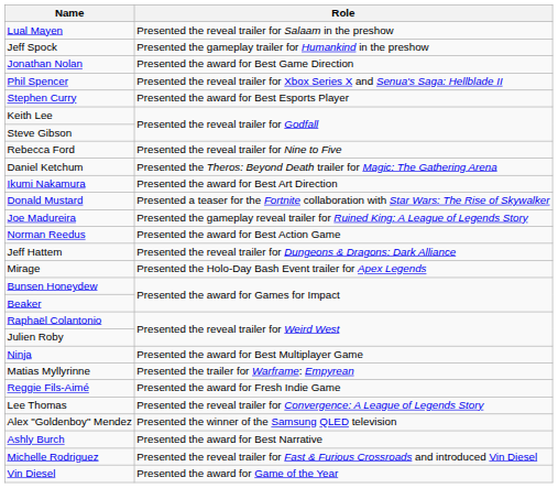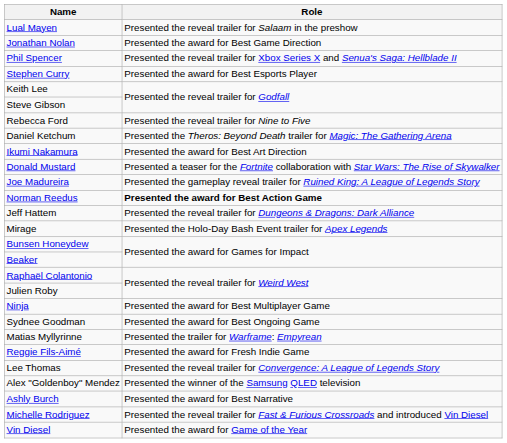 <table class="wikitable sortable">
 <tr>
 <th>Name</th>
 <th class="unsortable">Role</th>
 </tr>
 <tr>
 <td data-sort-value="Mayan, Lual"><a href='#'>Lual Mayen</a></td>
 <td>Presented the reveal trailer for <em>Salaam</em> in the preshow</td>
-</tr>
-<tr>
-<td data-sort-value="Spock, Jeff">Jeff Spock</td>
-<td>Presented the gameplay trailer for <em><a href='#'>Humankind</a></em> in the preshow</td>
 </tr>
 <tr>
 <td data-sort-value="Nolan, Jonathan"><a href='#'>Jonathan Nolan</a></td>
 <td>Presented the award for Best Game Direction</td>
 </tr>
 <tr>
 <td data-sort-value="Spencer, Phil"><a href='#'>Phil Spencer</a></td>
 <td>Presented the reveal trailer for <a href='#'>Xbox Series X</a> and <em><a href='#'>Senua's Saga: Hellblade II</a></em></td>
 </tr>
 <tr>
 <td data-sort-value="Curry, Stephen"><a href='#'>Stephen Curry</a></td>
 <td>Presented the award for Best Esports Player</td>
 </tr>
 <tr>
 <td data-sort-value="Lee, Keith">Keith Lee</td>
 <td rowspan="2">Presented the reveal trailer for <em><a href='#'>Godfall</a></em></td>
 </tr>
 <tr>
 <td data-sort-value="Gibson, Steve">Steve Gibson</td>
 </tr>
 <tr>
 <td data-sort-value="Ford, Rebecca">Rebecca Ford</td>
 <td>Presented the reveal trailer for <em>Nine to Five</em></td>
 </tr>
 <tr>
 <td data-sort-value="Ketchum, Daniel">Daniel Ketchum</td>
 <td>Presented the <em>Theros: Beyond Death</em> trailer for <em><a href='#'>Magic: The Gathering Arena</a></em></td>
 </tr>
 <tr>
 <td data-sort-value="Nakamura, Ikumi"><a href='#'>Ikumi Nakamura</a></td>
 <td>Presented the award for Best Art Direction</td>
 </tr>
 <tr>
 <td data-sort-value="Mustard, Donald"><a href='#'>Donald Mustard</a></td>
 <td>Presented a teaser for the <em><a href='#'>Fortnite</a></em> collaboration with <em><a href='#'>Star Wars: The Rise of Skywalker</a></em></td>
 </tr>
 <tr>
 <td data-sort-value="Madureira, Joe"><a href='#'>Joe Madureira</a></td>
 <td>Presented the gameplay reveal trailer for <em><a href='#'>Ruined King: A League of Legends Story</a></em></td>
 </tr>
 <tr>
 <td data-sort-value="Reedus, Norman"><a href='#'>Norman Reedus</a></td>
-<td>Presented the award for Best Action Game</td>
+<td><strong>Presented the award for Best Action Game</strong></td>
 </tr>
 <tr>
 <td data-sort-value="Hattem, Jeff">Jeff Hattem</td>
 <td>Presented the reveal trailer for <em><a href='#'>Dungeons & Dragons: Dark Alliance</a></em></td>
 </tr>
 <tr>
 <td>Mirage</td>
 <td>Presented the Holo-Day Bash Event trailer for <em><a href='#'>Apex Legends</a></em></td>
 </tr>
 <tr>
 <td><a href='#'>Bunsen Honeydew</a></td>
 <td rowspan="2">Presented the award for Games for Impact</td>
 </tr>
 <tr>
 <td><a href='#'>Beaker</a></td>
 </tr>
 <tr>
 <td data-sort-value="Colantonio, Raphaël"><a href='#'>Raphaël Colantonio</a></td>
 <td rowspan="2">Presented the reveal trailer for <em><a href='#'>Weird West</a></em></td>
 </tr>
 <tr>
 <td data-sort-value="Roby, Julien">Julien Roby</td>
 </tr>
 <tr>
 <td><a href='#'>Ninja</a></td>
 <td>Presented the award for Best Multiplayer Game</td>
+</tr>
+<tr>
+<td data-sort-value="Goodman, Sydnee">Sydnee Goodman</td>
+<td>Presented the award for Best Ongoing Game</td>
 </tr>
 <tr>
 <td data-sort-value="Myllyrinne, Matias">Matias Myllyrinne</td>
 <td>Presented the trailer for <em><a href='#'>Warframe</a></em>: <em><a href='#'>Empyrean</a></em></td>
 </tr>
 <tr>
 <td data-sort-value="Fils-Aimé, Reggie"><a href='#'>Reggie Fils-Aimé</a></td>
 <td>Presented the award for Fresh Indie Game</td>
 </tr>
 <tr>
 <td data-sort-value="Thomas, Lee">Lee Thomas</td>
 <td>Presented the reveal trailer for <em><a href='#'>Convergence: A League of Legends Story</a></em></td>
 </tr>
 <tr>
 <td data-sort-value="Mendez, Alex">Alex "Goldenboy" Mendez</td>
 <td>Presented the winner of the <a href='#'>Samsung</a> <a href='#'>QLED</a> television</td>
 </tr>
 <tr>
 <td data-sort-value="Burch, Ashly"><a href='#'>Ashly Burch</a></td>
 <td>Presented the award for Best Narrative</td>
 </tr>
 <tr>
 <td data-sort-value="Rodriguez, Michelle"><a href='#'>Michelle Rodriguez</a></td>
 <td>Presented the reveal trailer for <em><a href='#'>Fast & Furious Crossroads</a></em> and introduced <a href='#'>Vin Diesel</a></td>
 </tr>
 <tr>
 <td data-sort-value="Diesel, Vin"><a href='#'>Vin Diesel</a></td>
 <td>Presented the award for <a href='#'>Game of the Year</a></td>
 </tr>
 </table>
